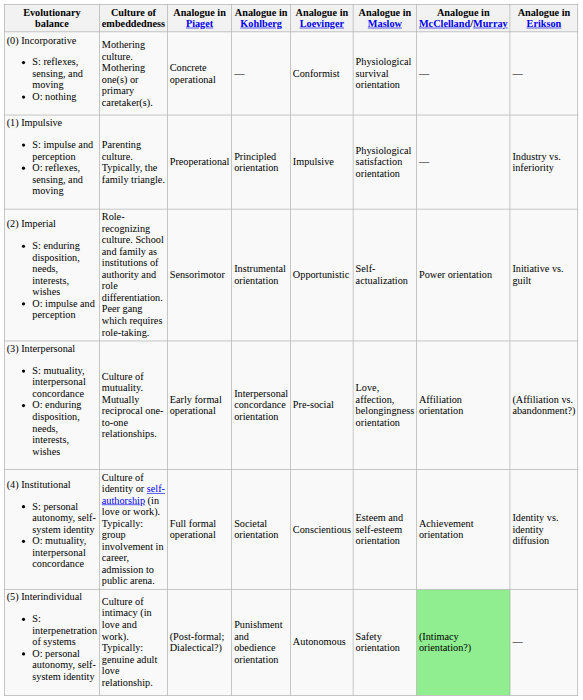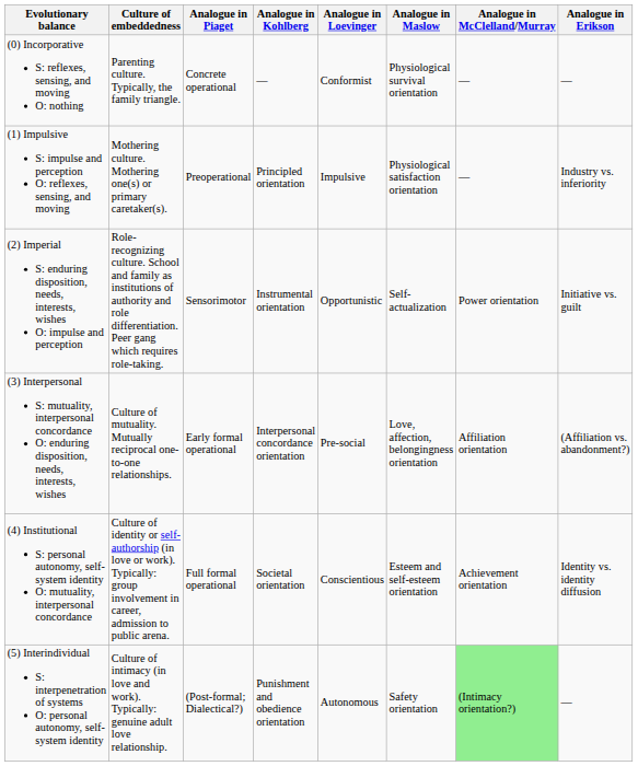 <table class="wikitable">
 <tr>
 <th>Evolutionary balance</th>
 <th>Culture of embeddedness</th>
 <th>Analogue in <a href='#'>Piaget</a></th>
 <th>Analogue in <a href='#'>Kohlberg</a></th>
 <th>Analogue in <a href='#'>Loevinger</a></th>
 <th>Analogue in <a href='#'>Maslow</a></th>
 <th>Analogue in <a href='#'>McClelland</a>/<a href='#'>Murray</a></th>
 <th>Analogue in <a href='#'>Erikson</a></th>
 </tr>
 <tr>
 <td>(0) Incorporative<br><ul><li>S: reflexes, sensing, and moving</li><li>O: nothing</li></ul></td>
-<td>Mothering culture. Mothering one(s) or primary caretaker(s).</td>
+<td>Parenting culture. Typically, the family triangle.</td>
 <td>Concrete operational</td>
 <td>—</td>
 <td>Conformist</td>
 <td>Physiological survival orientation</td>
 <td>—</td>
 <td>—</td>
 </tr>
 <tr>
 <td>(1) Impulsive<br><ul><li>S: impulse and perception</li><li>O: reflexes, sensing, and moving</li></ul></td>
-<td>Parenting culture. Typically, the family triangle.</td>
+<td>Mothering culture. Mothering one(s) or primary caretaker(s).</td>
 <td>Preoperational</td>
 <td>Principled orientation</td>
 <td>Impulsive</td>
 <td>Physiological satisfaction orientation</td>
 <td>—</td>
 <td>Industry vs. inferiority</td>
 </tr>
 <tr>
 <td>(2) Imperial<br><ul><li>S: enduring disposition, needs, interests, wishes</li><li>O: impulse and perception</li></ul></td>
 <td>Role-recognizing culture. School and family as institutions of authority and role differentiation. Peer gang which requires role-taking.</td>
 <td>Sensorimotor</td>
 <td>Instrumental orientation</td>
 <td>Opportunistic</td>
 <td>Self-actualization</td>
 <td>Power orientation</td>
 <td>Initiative vs. guilt</td>
 </tr>
 <tr>
 <td>(3) Interpersonal<br><ul><li>S: mutuality, interpersonal concordance</li><li>O: enduring disposition, needs, interests, wishes</li></ul></td>
 <td>Culture of mutuality. Mutually reciprocal one-to-one relationships.</td>
 <td>Early formal operational</td>
 <td>Interpersonal concordance orientation</td>
 <td>Pre-social</td>
 <td>Love, affection, belongingness orientation</td>
 <td>Affiliation orientation</td>
 <td>(Affiliation vs. abandonment?)</td>
 </tr>
 <tr>
 <td>(4) Institutional<br><ul><li>S: personal autonomy, self-system identity</li><li>O: mutuality, interpersonal concordance</li></ul></td>
 <td>Culture of identity or <a href='#'>self-authorship</a> (in love or work). Typically: group involvement in career, admission to public arena.</td>
 <td>Full formal operational</td>
 <td>Societal orientation</td>
 <td>Conscientious</td>
 <td>Esteem and self-esteem orientation</td>
 <td>Achievement orientation</td>
 <td>Identity vs. identity diffusion</td>
 </tr>
 <tr>
 <td>(5) Interindividual<br><ul><li>S: interpenetration of systems</li><li>O: personal autonomy, self-system identity</li></ul></td>
 <td>Culture of intimacy (in love and work). Typically: genuine adult love relationship.</td>
 <td>(Post-formal; Dialectical?)</td>
 <td>Punishment and obedience orientation</td>
 <td>Autonomous</td>
 <td>Safety orientation</td>
 <td style="background: lightgreen;">(Intimacy orientation?)</td>
 <td>—</td>
 </tr>
 </table>
